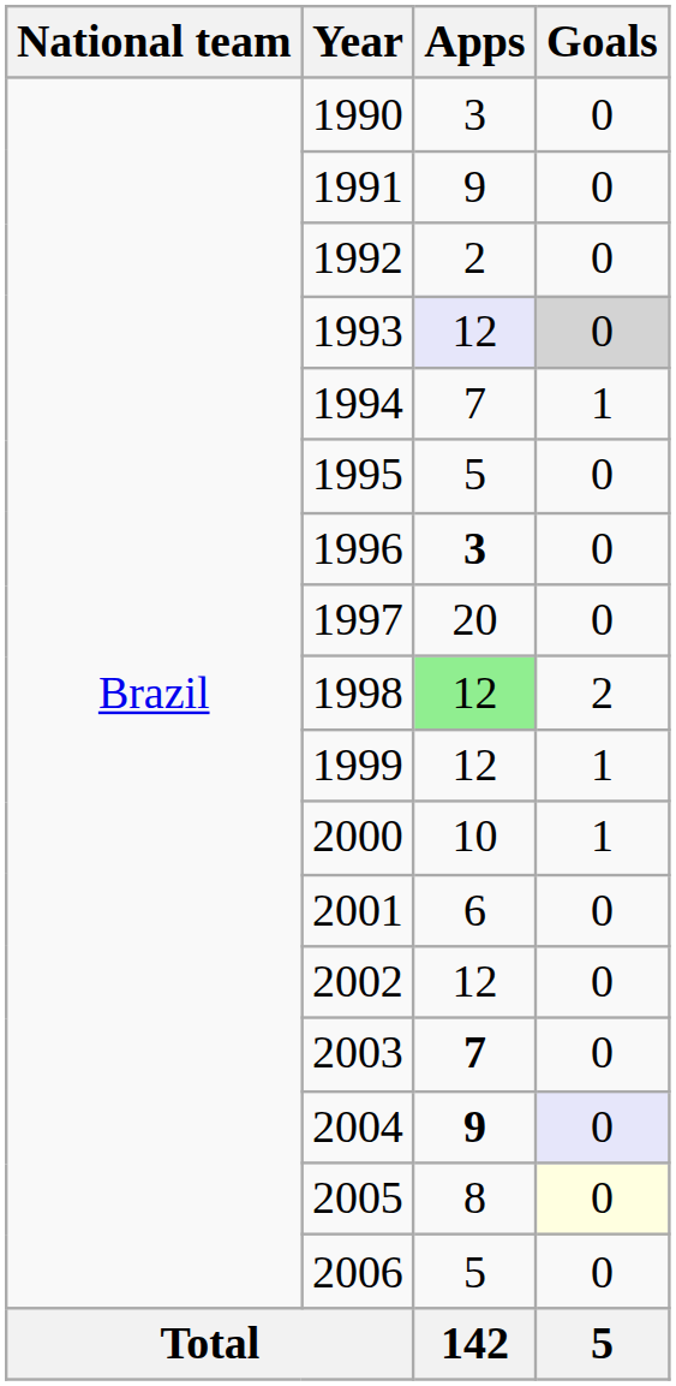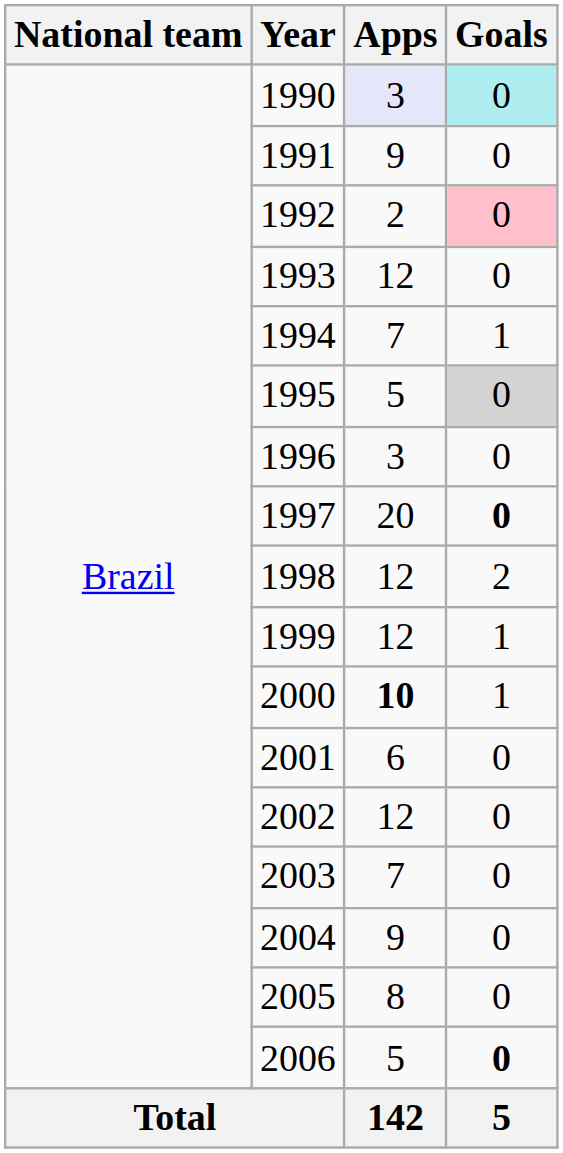 <table class="wikitable" style="text-align:center">
 <tr>
 <th>National team</th>
 <th>Year</th>
 <th>Apps</th>
 <th>Goals</th>
 </tr>
 <tr>
 <td rowspan="17"><a href='#'>Brazil</a></td>
 <td>1990</td>
-<td>3</td>
-<td>0</td>
+<td style="background: lavender;">3</td>
+<td style="background: paleturquoise;">0</td>
 </tr>
 <tr>
 <td>1991</td>
 <td>9</td>
 <td>0</td>
 </tr>
 <tr>
 <td>1992</td>
 <td>2</td>
-<td>0</td>
+<td style="background: pink;">0</td>
 </tr>
 <tr>
 <td>1993</td>
-<td style="background: lavender;">12</td>
-<td style="background: lightgrey;">0</td>
+<td>12</td>
+<td>0</td>
 </tr>
 <tr>
 <td>1994</td>
 <td>7</td>
 <td>1</td>
 </tr>
 <tr>
 <td>1995</td>
 <td>5</td>
-<td>0</td>
+<td style="background: lightgrey;">0</td>
 </tr>
 <tr>
 <td>1996</td>
-<td><strong>3</strong></td>
+<td>3</td>
 <td>0</td>
 </tr>
 <tr>
 <td>1997</td>
 <td>20</td>
-<td>0</td>
+<td><strong>0</strong></td>
 </tr>
 <tr>
 <td>1998</td>
-<td style="background: lightgreen;">12</td>
+<td>12</td>
 <td>2</td>
 </tr>
 <tr>
 <td>1999</td>
 <td>12</td>
 <td>1</td>
 </tr>
 <tr>
 <td>2000</td>
-<td>10</td>
+<td><strong>10</strong></td>
 <td>1</td>
 </tr>
 <tr>
 <td>2001</td>
 <td>6</td>
 <td>0</td>
 </tr>
 <tr>
 <td>2002</td>
 <td>12</td>
 <td>0</td>
 </tr>
 <tr>
 <td>2003</td>
-<td><strong>7</strong></td>
+<td>7</td>
 <td>0</td>
 </tr>
 <tr>
 <td>2004</td>
-<td><strong>9</strong></td>
-<td style="background: lavender;">0</td>
+<td>9</td>
+<td>0</td>
 </tr>
 <tr>
 <td>2005</td>
 <td>8</td>
-<td style="background: lightyellow;">0</td>
+<td>0</td>
 </tr>
 <tr>
 <td>2006</td>
 <td>5</td>
-<td>0</td>
+<td><strong>0</strong></td>
 </tr>
 <tr>
 <th colspan="2">Total</th>
 <th>142</th>
 <th>5</th>
 </tr>
 </table>
